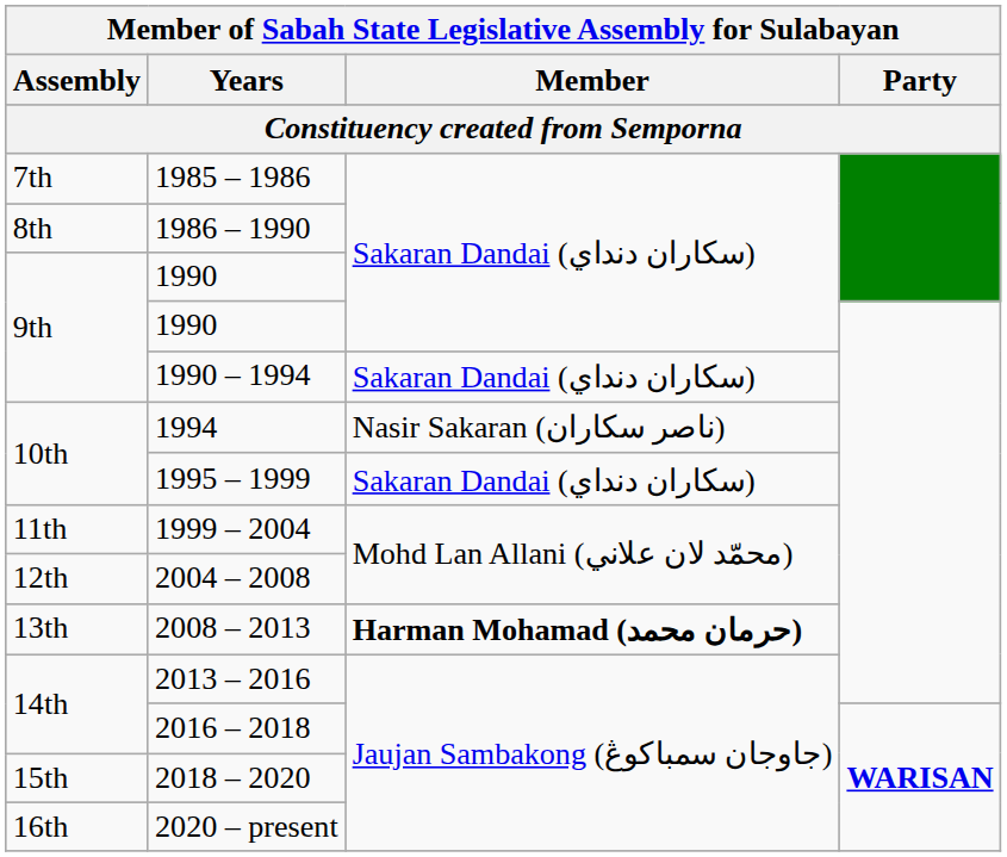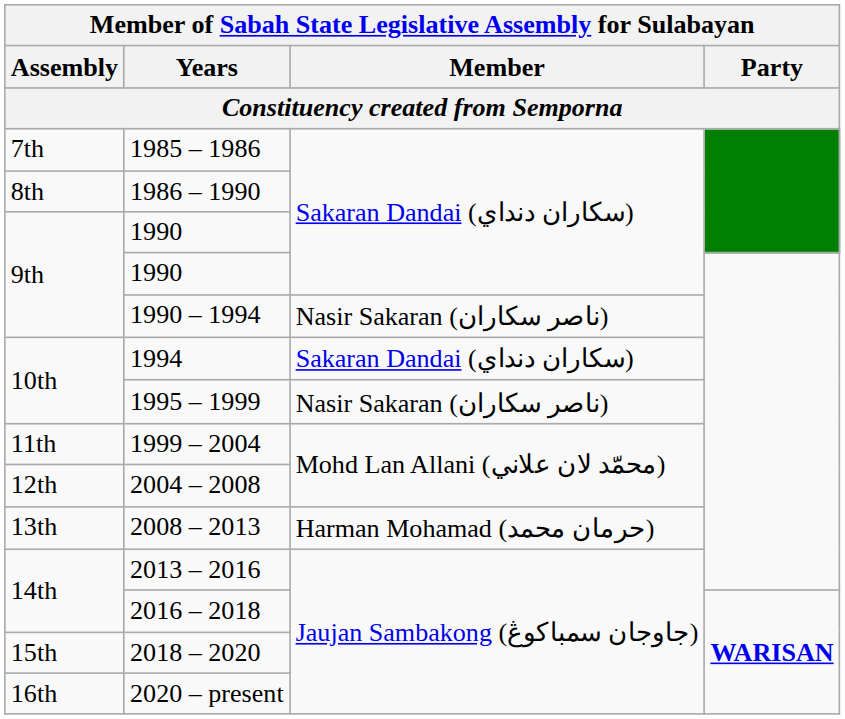 <table class="wikitable">
 <tr>
 <th colspan="4">Member of <a href='#'>Sabah State Legislative Assembly</a> for Sulabayan</th>
 </tr>
 <tr>
 <th>Assembly</th>
 <th>Years</th>
 <th>Member</th>
 <th>Party</th>
 </tr>
 <tr>
 <th colspan="4" align="center"><em>Constituency created from Semporna</em></th>
 </tr>
 <tr>
 <td>7th</td>
 <td>1985 – 1986</td>
 <td rowspan="4"><a href='#'>Sakaran Dandai</a> (سكاران دنداي)</td>
 <td rowspan=3 bgcolor=#008000></td>
 </tr>
 <tr>
 <td>8th</td>
 <td>1986 – 1990</td>
 </tr>
 <tr>
 <td rowspan="3">9th</td>
 <td>1990</td>
 </tr>
 <tr>
 <td>1990</td>
 <td rowspan=8></td>
 </tr>
 <tr>
 <td>1990 – 1994</td>
-<td><a href='#'>Sakaran Dandai</a> (سكاران دنداي)</td>
+<td>Nasir Sakaran (ناصر سكاران)</td>
 </tr>
 <tr>
 <td rowspan="2">10th</td>
 <td>1994</td>
-<td>Nasir Sakaran (ناصر سكاران)</td>
+<td><a href='#'>Sakaran Dandai</a> (سكاران دنداي)</td>
 </tr>
 <tr>
 <td>1995 – 1999</td>
-<td><a href='#'>Sakaran Dandai</a> (سكاران دنداي)</td>
+<td>Nasir Sakaran (ناصر سكاران)</td>
 </tr>
 <tr>
 <td>11th</td>
 <td>1999 – 2004</td>
 <td rowspan="2">Mohd Lan Allani (محمّد لان علاني)</td>
 </tr>
 <tr>
 <td>12th</td>
 <td>2004 – 2008</td>
 </tr>
 <tr>
 <td>13th</td>
 <td>2008 – 2013</td>
-<td><strong>Harman Mohamad (حرمان محمد)</strong></td>
+<td>Harman Mohamad (حرمان محمد)</td>
 </tr>
 <tr>
 <td rowspan="2">14th</td>
 <td>2013 – 2016</td>
 <td rowspan="4"><a href='#'>Jaujan Sambakong</a> (جاوجان سمباكوڠ)</td>
 </tr>
 <tr>
 <td>2016 – 2018</td>
 <td rowspan=3><strong><a href='#'>WARISAN</a></strong></td>
 </tr>
 <tr>
 <td>15th</td>
 <td>2018 – 2020</td>
 </tr>
 <tr>
 <td>16th</td>
 <td>2020 – present</td>
 </tr>
 </table>
